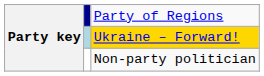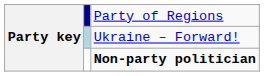 <table class=wikitable>
 <tr>
 <th rowspan=5>Party key</th>
 <td style="background:darkblue"></td>
 <td><a href='#'>Party of Regions</a></td>
 </tr>
 <tr>
 <td style="background:lightblue"></td>
-<td style="background: gold;"><a href='#'>Ukraine – Forward!</a></td>
+<td><a href='#'>Ukraine – Forward!</a></td>
 </tr>
 <tr>
 <td style="background:white"></td>
-<td>Non-party politician</td>
+<td><strong>Non-party politician</strong></td>
 </tr>
 </table>
